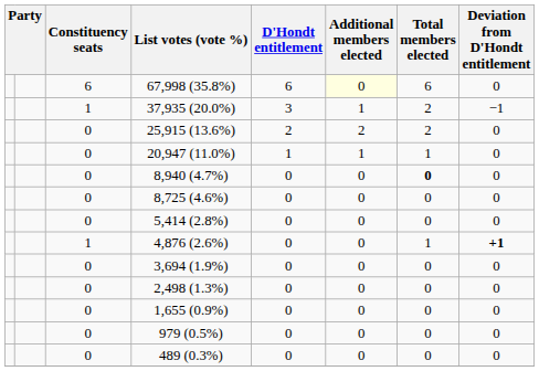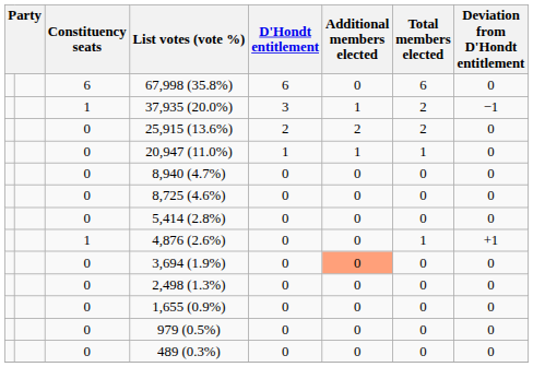 <table class="wikitable" style="text-align:center">
 <tr>
 <th colspan="2" rowspan="1" align="center" valign="top">Party</th>
 <th>Constituency<br>seats</th>
 <th>List votes  (vote %)</th>
 <th><a href='#'>D'Hondt<br>entitlement</a></th>
 <th>Additional<br>members<br>elected</th>
 <th>Total<br>members<br>elected</th>
 <th>Deviation<br>from<br>D'Hondt<br>entitlement</th>
 </tr>
 <tr>
 <td style="width: 4px" bgcolor=></td>
 <td style="text-align: left;" scope="row"><strong><a href='#'></a></strong></td>
 <td>6</td>
 <td>67,998  (35.8%)</td>
 <td>6</td>
-<td style="background: lightyellow;">0</td>
+<td>0</td>
 <td>6</td>
 <td>0</td>
 </tr>
 <tr>
 <td style="width: 4px"></td>
 <td style="text-align: left;" scope="row"><strong><a href='#'></a></strong></td>
 <td>1</td>
 <td>37,935  (20.0%)</td>
 <td>3</td>
 <td>1</td>
 <td>2</td>
 <td>−1</td>
 </tr>
 <tr>
 <td style="width: 4px" bgcolor=></td>
 <td style="text-align: left;" scope="row"><strong><a href='#'></a></strong></td>
 <td>0</td>
 <td>25,915  (13.6%)</td>
 <td>2</td>
 <td>2</td>
 <td>2</td>
 <td>0</td>
 </tr>
 <tr>
 <td style="width: 4px"></td>
 <td style="text-align: left;" scope="row"><strong><a href='#'></a></strong></td>
 <td>0</td>
 <td>20,947  (11.0%)</td>
 <td>1</td>
 <td>1</td>
 <td>1</td>
 <td>0</td>
 </tr>
 <tr>
 <td style="width: 4px" bgcolor=></td>
 <td style="text-align: left;" scope="row"><strong><a href='#'></a></strong></td>
 <td>0</td>
 <td>8,940  (4.7%)</td>
 <td>0</td>
 <td>0</td>
-<td><strong>0</strong></td>
+<td>0</td>
 <td>0</td>
 </tr>
 <tr>
 <td style="width: 4px"></td>
 <td style="text-align: left;" scope="row"><strong><a href='#'></a></strong></td>
 <td>0</td>
 <td>8,725  (4.6%)</td>
 <td>0</td>
 <td>0</td>
 <td>0</td>
 <td>0</td>
 </tr>
 <tr>
 <td style="width: 4px"></td>
 <td style="text-align: left;" scope="row"><strong><a href='#'></a></strong></td>
 <td>0</td>
 <td>5,414  (2.8%)</td>
 <td>0</td>
 <td>0</td>
 <td>0</td>
 <td>0</td>
 </tr>
 <tr>
 <td style="width: 4px"></td>
 <td style="text-align: left;" scope="row"><strong><a href='#'></a></strong></td>
 <td>1</td>
 <td>4,876  (2.6%)</td>
 <td>0</td>
 <td>0</td>
 <td>1</td>
-<td><strong>+1</strong></td>
+<td>+1</td>
 </tr>
 <tr>
 <td style="width: 4px"></td>
 <td style="text-align: left;" scope="row"><strong><a href='#'></a></strong></td>
 <td>0</td>
 <td>3,694 (1.9%)</td>
 <td>0</td>
-<td>0</td>
+<td style="background: lightsalmon;">0</td>
 <td>0</td>
 <td>0</td>
 </tr>
 <tr>
 <td style="width: 4px" bgcolor=></td>
 <td style="text-align: left;" scope="row"><strong><a href='#'></a></strong></td>
 <td>0</td>
 <td>2,498 (1.3%)</td>
 <td>0</td>
 <td>0</td>
 <td>0</td>
 <td>0</td>
 </tr>
 <tr>
 <td style="width: 4px"></td>
 <td style="text-align: left;" scope="row"><strong><a href='#'></a></strong></td>
 <td>0</td>
 <td>1,655 (0.9%)</td>
 <td>0</td>
 <td>0</td>
 <td>0</td>
 <td>0</td>
 </tr>
 <tr>
 <td style="width: 4px" bgcolor=></td>
 <td style="text-align: left;" scope="row"><strong><a href='#'></a></strong></td>
 <td>0</td>
 <td>979 (0.5%)</td>
 <td>0</td>
 <td>0</td>
 <td>0</td>
 <td>0</td>
 </tr>
 <tr>
 <td style="width: 4px" bgcolor=></td>
 <td style="text-align: left;" scope="row"><strong><a href='#'></a></strong></td>
 <td>0</td>
 <td>489 (0.3%)</td>
 <td>0</td>
 <td>0</td>
 <td>0</td>
 <td>0</td>
 </tr>
 <tr>
 </tr>
 </table>
